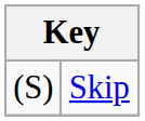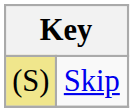 <table class="wikitable" style="font-size: 90%;">
 <tr>
 <th colspan="2">Key</th>
 </tr>
 <tr>
-<td>(S)</td>
+<td style="background: khaki;">(S)</td>
 <td><a href='#'>Skip</a></td>
 </tr>
 <tr>
 </tr>
 </table>
